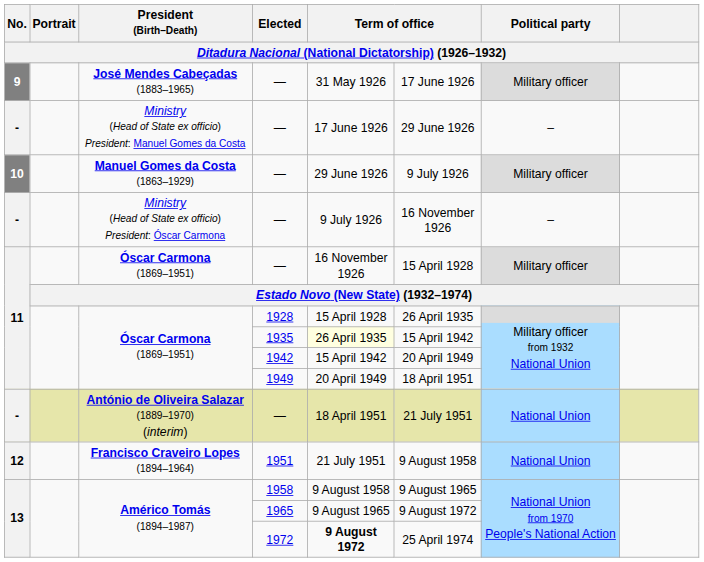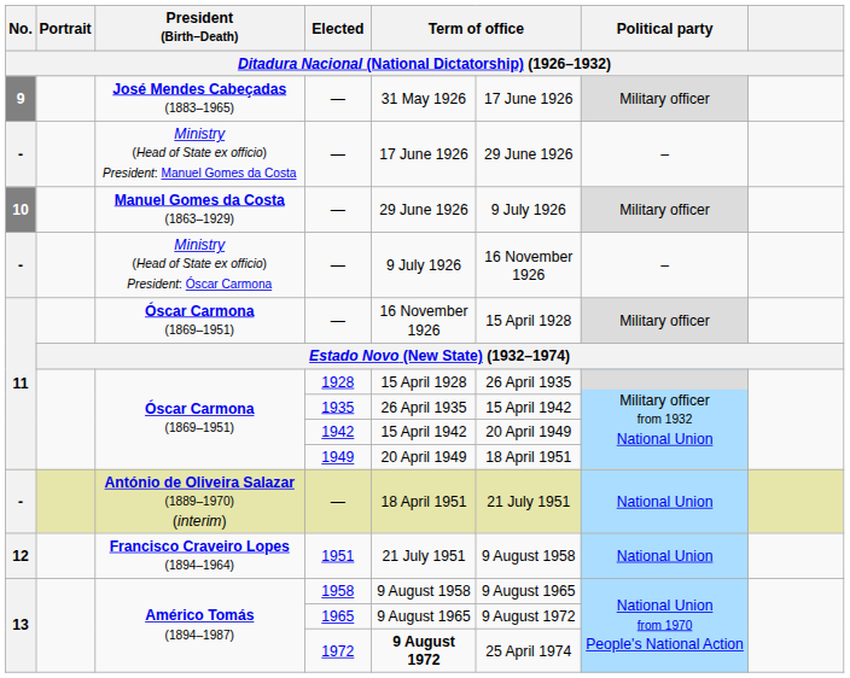 <table class="wikitable" style="text-align:center; font-size:95%; width=100%; line-height:19px;">
 <tr>
 <th width=1%>No.</th>
 <th width="5%">Portrait</th>
 <th width="25%">President<br><small>(Birth–Death)</small></th>
 <th width=8%>Elected</th>
 <th colspan="2" width=25%>Term of office</th>
 <th width=20%>Political party</th>
 <th scope="col"></th>
 </tr>
 <tr style="background:#cccccc">
 <th colspan=8><a href='#'><em>Ditadura Nacional</em> (National Dictatorship)</a> (1926–1932)</th>
 </tr>
 <tr>
 <th style="background:gray; color:white;">9</th>
 <td></td>
 <td><strong><a href='#'>José Mendes Cabeçadas</a></strong><br><small>(1883–1965)</small></td>
 <td>—</td>
 <td>31 May 1926</td>
 <td>17 June 1926</td>
 <td bgcolor=#DCDCDC>Military officer</td>
 <td></td>
 </tr>
 <tr>
 <th>-</th>
 <td></td>
 <td><em><a href='#'>Ministry</a></em><br><small>(<em>Head of State ex officio</em>)<br><em>President</em>: <a href='#'>Manuel Gomes da Costa</a></small></td>
 <td>—</td>
 <td>17 June 1926</td>
 <td>29 June 1926</td>
 <td>–</td>
 <td></td>
 </tr>
 <tr>
 <th style="background:gray; color:white;">10</th>
 <td></td>
 <td><strong><a href='#'>Manuel Gomes da Costa</a></strong><br><small>(1863–1929)</small></td>
 <td>—</td>
 <td>29 June 1926</td>
 <td>9 July 1926</td>
 <td bgcolor=#DCDCDC>Military officer</td>
 <td></td>
 </tr>
 <tr>
 <th>-</th>
 <td></td>
 <td><em><a href='#'>Ministry</a></em><br><small>(<em>Head of State ex officio</em>)<br><em>President</em>: <a href='#'>Óscar Carmona</a></small></td>
 <td>—</td>
 <td>9 July 1926</td>
 <td>16 November 1926</td>
 <td>–</td>
 <td></td>
 </tr>
 <tr>
 <th rowspan="6" style="background: linear-gradient(gray 59%, ">11</th>
 <td></td>
 <td><strong><a href='#'>Óscar Carmona</a></strong><br><small>(1869–1951)</small></td>
 <td>—</td>
 <td>16 November 1926</td>
 <td>15 April 1928</td>
 <td bgcolor=#DCDCDC>Military officer</td>
 <td></td>
 </tr>
 <tr style="background:#cccccc">
 <th colspan=8><a href='#'><em>Estado Novo</em> (New State)</a> (1932–1974)</th>
 </tr>
 <tr>
 <td rowspan="4"></td>
 <td rowspan="4"><strong><a href='#'>Óscar Carmona</a></strong><br><small>(1869–1951)</small></td>
 <td><a href='#'>1928</a></td>
 <td>15 April 1928</td>
 <td>26 April 1935</td>
 <td rowspan=4 style="background: linear-gradient(#DCDCDC 20%, #AADDFF 10%); color:black;">Military officer<br><small>from 1932</small><br><a href='#'>National Union</a></td>
 <td rowspan="4"></td>
 </tr>
 <tr>
 <td><a href='#'>1935</a></td>
-<td style="background: lightyellow;">26 April 1935</td>
+<td>26 April 1935</td>
 <td>15 April 1942</td>
 </tr>
 <tr>
 <td><a href='#'>1942</a></td>
 <td>15 April 1942</td>
 <td>20 April 1949</td>
 </tr>
 <tr>
 <td><a href='#'>1949</a></td>
 <td>20 April 1949</td>
 <td>18 April 1951</td>
 </tr>
 <tr style="background:#E6E6AA">
 <th style="background:">-</th>
 <td></td>
 <td><strong><a href='#'>António de Oliveira Salazar</a></strong><br><small>(1889–1970)</small><br>(<em>interim</em>)</td>
 <td>—</td>
 <td>18 April 1951</td>
 <td>21 July 1951</td>
 <td style="background:#adf"><a href='#'>National Union</a></td>
 <td></td>
 </tr>
 <tr>
 <th style="background:">12</th>
 <td></td>
 <td><strong><a href='#'>Francisco Craveiro Lopes</a></strong><br><small>(1894–1964)</small></td>
 <td><a href='#'>1951</a></td>
 <td>21 July 1951</td>
 <td>9 August 1958</td>
 <td style="background:#adf"><a href='#'>National Union</a></td>
 <td></td>
 </tr>
 <tr>
 <th rowspan=3 style="background:">13</th>
 <td rowspan="3"></td>
 <td rowspan="3"><strong><a href='#'>Américo Tomás</a></strong><br><small>(1894–1987)</small></td>
 <td><a href='#'>1958</a></td>
 <td>9 August 1958</td>
 <td>9 August 1965</td>
 <td rowspan=3 style="background:#adf"><a href='#'>National Union<br><small>from 1970</small><br>People's National Action</a></td>
 <td rowspan="3"></td>
 </tr>
 <tr>
 <td><a href='#'>1965</a></td>
 <td>9 August 1965</td>
 <td>9 August 1972</td>
 </tr>
 <tr>
 <td><a href='#'>1972</a></td>
 <td><strong>9 August 1972</strong></td>
 <td>25 April 1974</td>
 </tr>
 </table>
